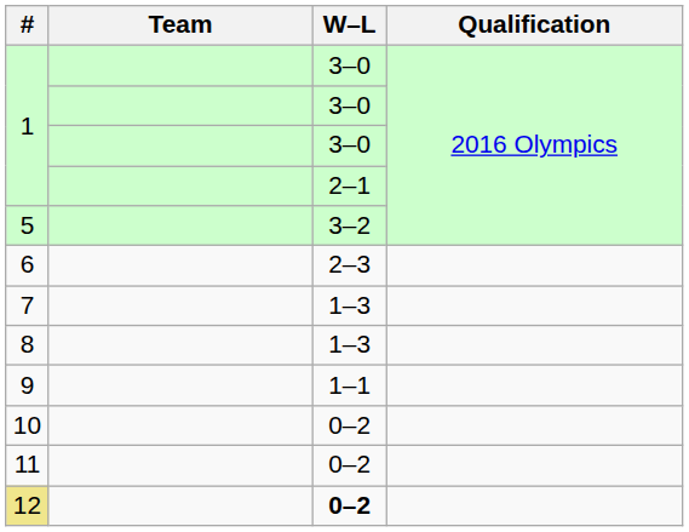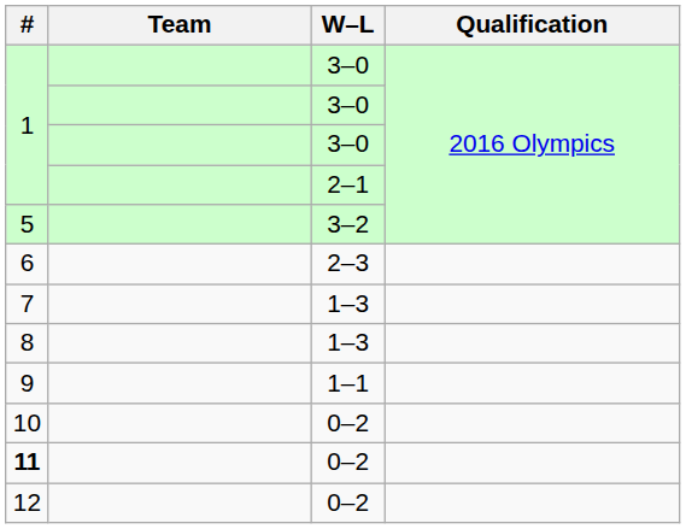 <table class=wikitable style="text-align:center;">
 <tr>
 <th width=20px>#</th>
 <th width=160px>Team</th>
 <th width=40px>W–L</th>
 <th width=180px>Qualification</th>
 </tr>
 <tr bgcolor=ccffcc>
 <td rowspan=4>1</td>
 <td align=left></td>
 <td>3–0</td>
 <td rowspan=5><a href='#'>2016 Olympics</a></td>
 </tr>
 <tr bgcolor=ccffcc>
 <td align=left></td>
 <td>3–0</td>
 </tr>
 <tr bgcolor=ccffcc>
 <td align=left></td>
 <td>3–0</td>
 </tr>
 <tr bgcolor=ccffcc>
 <td align=left></td>
 <td>2–1</td>
 </tr>
 <tr bgcolor=ccffcc>
 <td>5</td>
 <td align=left></td>
 <td>3–2</td>
 </tr>
 <tr>
 <td>6</td>
 <td align=left></td>
 <td>2–3</td>
 <td></td>
 </tr>
 <tr>
 <td>7</td>
 <td align=left></td>
 <td>1–3</td>
 <td></td>
 </tr>
 <tr>
 <td>8</td>
 <td align=left></td>
 <td>1–3</td>
 <td></td>
 </tr>
 <tr>
 <td>9</td>
 <td align=left></td>
 <td>1–1</td>
 <td></td>
 </tr>
 <tr>
 <td>10</td>
 <td align=left></td>
 <td>0–2</td>
 <td></td>
 </tr>
 <tr>
-<td>11</td>
+<td><strong>11</strong></td>
 <td align=left></td>
 <td>0–2</td>
 <td></td>
 </tr>
 <tr>
-<td style="background: khaki;">12</td>
+<td>12</td>
 <td align=left></td>
-<td><strong>0–2</strong></td>
+<td>0–2</td>
 <td></td>
 </tr>
 </table>
